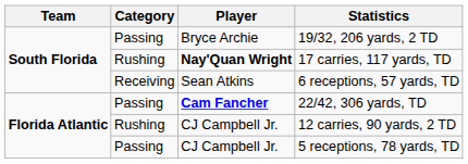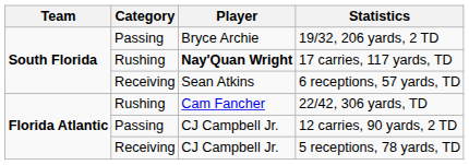 <table class="wikitable" style="float: right;">
 <tr>
 <th>Team</th>
 <th>Category</th>
 <th>Player</th>
 <th>Statistics</th>
 </tr>
 <tr>
 <td rowspan=3><strong>South Florida</strong></td>
 <td>Passing</td>
 <td>Bryce Archie</td>
 <td>19/32, 206 yards, 2 TD</td>
 </tr>
 <tr>
 <td>Rushing</td>
 <td><strong>Nay'Quan Wright</strong></td>
 <td>17 carries, 117 yards, TD</td>
 </tr>
 <tr>
 <td>Receiving</td>
 <td>Sean Atkins</td>
 <td>6 receptions, 57 yards, TD</td>
 </tr>
 <tr>
 <td rowspan=3><strong>Florida Atlantic</strong></td>
-<td>Passing</td>
-<td><strong><a href='#'>Cam Fancher</a></strong></td>
+<td>Rushing</td>
+<td><a href='#'>Cam Fancher</a></td>
 <td>22/42, 306 yards, TD</td>
 </tr>
 <tr>
-<td>Rushing</td>
+<td>Passing</td>
 <td>CJ Campbell Jr.</td>
 <td>12 carries, 90 yards, 2 TD</td>
 </tr>
 <tr>
-<td>Passing</td>
+<td>Receiving</td>
 <td>CJ Campbell Jr.</td>
 <td>5 receptions, 78 yards, TD</td>
 </tr>
 </table>
